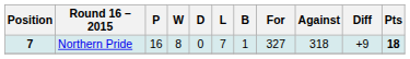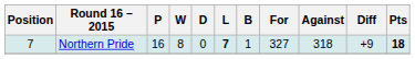 <table class="wikitable" style="text-align:center; font-size:85%;">
 <tr>
 <th width=40 abbr="Position">Position</th>
 <th width=100>Round 16 – 2015</th>
 <th width=20 abbr="Played">P</th>
 <th width=20 abbr="Won">W</th>
 <th width=20 abbr="Drawn">D</th>
 <th width=20 abbr="Lost">L</th>
 <th width=20 abbr="Bye">B</th>
 <th width=40 abbr="Points for">For</th>
 <th width=40 abbr="Points against">Against</th>
 <th width=40 abbr="Points difference">Diff</th>
 <th width=20 abbr="Points">Pts</th>
 </tr>
 <tr style="background: #d7ebed;">
-<td><strong>7</strong></td>
+<td>7</td>
 <td style="text-align:left;"> <a href='#'>Northern Pride</a></td>
 <td>16</td>
 <td>8</td>
 <td>0</td>
-<td>7</td>
+<td><strong>7</strong></td>
 <td>1</td>
 <td>327</td>
 <td>318</td>
 <td>+9</td>
 <td><strong>18</strong></td>
 </tr>
 <tr>
 </tr>
 </table>
